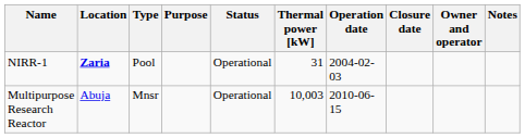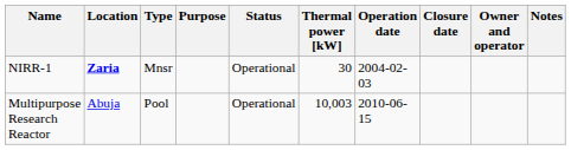 <table class="wikitable" >
 <tr valign="top">
 <th width="80">Name</th>
 <th width="65">Location</th>
 <th width="76">Type</th>
 <th width="65">Purpose</th>
 <th width="91">Status</th>
 <th width="70“">Thermal power [kW]</th>
 <th width=„67“>Operation date</th>
 <th width="78“">Closure date</th>
 <th width="113“">Owner and operator</th>
 <th width="65">Notes</th>
 </tr>
 <tr valign="top">
 <td>NIRR-1</td>
 <td><strong><a href='#'>Zaria</a></strong></td>
-<td>Pool</td>
+<td>Mnsr</td>
 <td></td>
 <td>Operational</td>
-<td align="right">31</td>
+<td align="right">30</td>
 <td>2004-02-03</td>
 <td></td>
 <td></td>
 <td></td>
 </tr>
 <tr valign="top">
 <td>Multipurpose Research Reactor</td>
 <td><a href='#'>Abuja</a></td>
-<td>Mnsr</td>
+<td>Pool</td>
 <td></td>
 <td>Operational</td>
 <td align="right">10,003</td>
 <td>2010-06-15</td>
 <td></td>
 <td></td>
 <td></td>
 </tr>
 </table>
